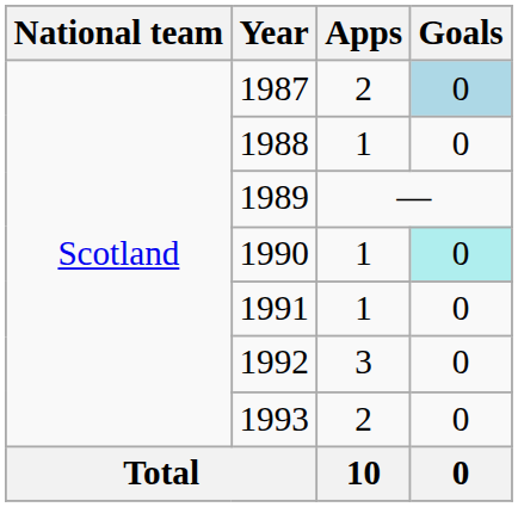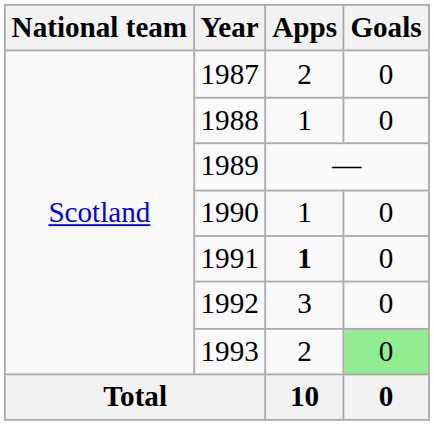 <table class=wikitable style="text-align: center;">
 <tr>
 <th>National team</th>
 <th>Year</th>
 <th>Apps</th>
 <th>Goals</th>
 </tr>
 <tr>
 <td rowspan=7><a href='#'>Scotland</a></td>
 <td>1987</td>
 <td>2</td>
-<td style="background: lightblue;">0</td>
+<td>0</td>
 </tr>
 <tr>
 <td>1988</td>
 <td>1</td>
 <td>0</td>
 </tr>
 <tr>
 <td>1989</td>
 <td colspan=2>—</td>
 </tr>
 <tr>
 <td>1990</td>
 <td>1</td>
-<td style="background: paleturquoise;">0</td>
+<td>0</td>
 </tr>
 <tr>
 <td>1991</td>
-<td>1</td>
+<td><strong>1</strong></td>
 <td>0</td>
 </tr>
 <tr>
 <td>1992</td>
 <td>3</td>
 <td>0</td>
 </tr>
 <tr>
 <td>1993</td>
 <td>2</td>
-<td>0</td>
+<td style="background: lightgreen;">0</td>
 </tr>
 <tr>
 <th colspan=2>Total</th>
 <th>10</th>
 <th>0</th>
 </tr>
 </table>
